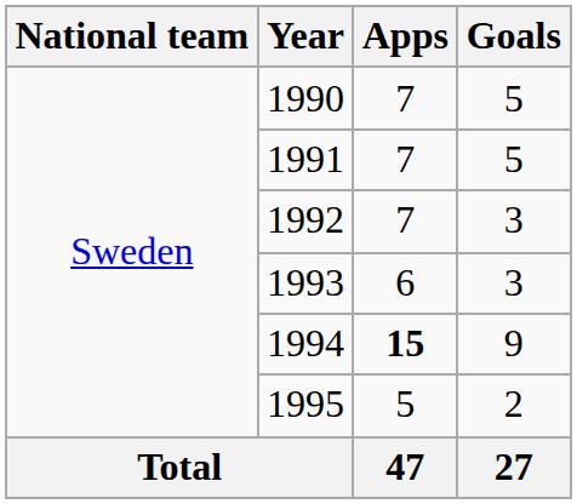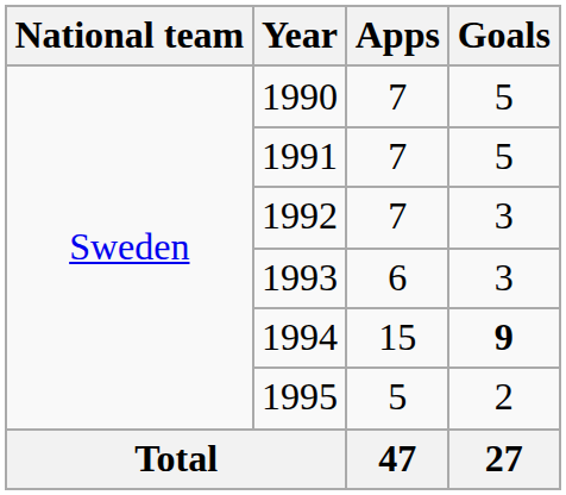 <table class="wikitable" style="text-align:center">
 <tr>
 <th>National team</th>
 <th>Year</th>
 <th>Apps</th>
 <th>Goals</th>
 </tr>
 <tr>
 <td rowspan="6"><a href='#'>Sweden</a></td>
 <td>1990</td>
 <td>7</td>
 <td>5</td>
 </tr>
 <tr>
 <td>1991</td>
 <td>7</td>
 <td>5</td>
 </tr>
 <tr>
 <td>1992</td>
 <td>7</td>
 <td>3</td>
 </tr>
 <tr>
 <td>1993</td>
 <td>6</td>
 <td>3</td>
 </tr>
 <tr>
 <td>1994</td>
-<td><strong>15</strong></td>
-<td>9</td>
+<td>15</td>
+<td><strong>9</strong></td>
 </tr>
 <tr>
 <td>1995</td>
 <td>5</td>
 <td>2</td>
 </tr>
 <tr>
 <th colspan="2">Total</th>
 <th>47</th>
 <th>27</th>
 </tr>
 </table>
